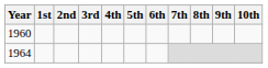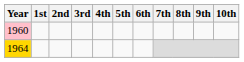 <table class="wikitable" style="text-align:left; font-size:80%">
 <tr>
 <th>Year</th>
 <th>1st</th>
 <th>2nd</th>
 <th>3rd</th>
 <th>4th</th>
 <th>5th</th>
 <th>6th</th>
 <th>7th</th>
 <th>8th</th>
 <th>9th</th>
 <th>10th</th>
 </tr>
 <tr>
-<td align="center">1960</td>
+<td align="center" style="background: pink;">1960</td>
 <td></td>
 <td></td>
 <td></td>
 <td></td>
 <td></td>
 <td></td>
 <td></td>
 <td></td>
 <td></td>
 <td></td>
 </tr>
 <tr>
-<td align="center">1964</td>
+<td align="center" style="background: gold;">1964</td>
 <td></td>
 <td></td>
 <td></td>
 <td></td>
 <td></td>
 <td></td>
 <td colspan=6 bgcolor=#DCDCDC></td>
 </tr>
 </table>
